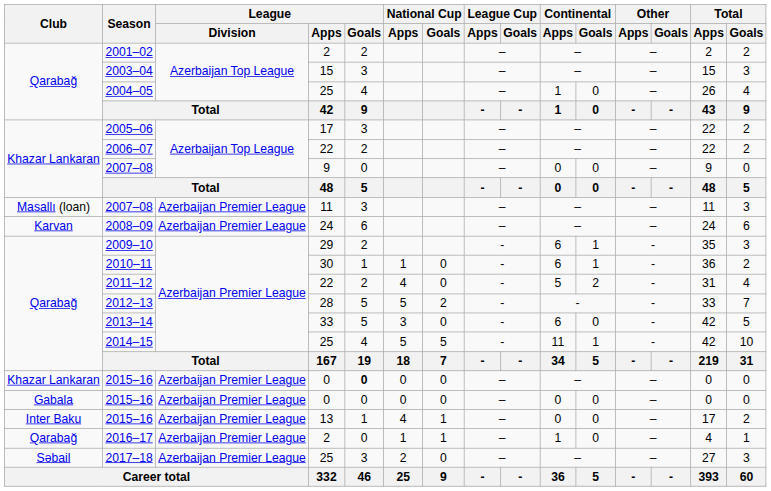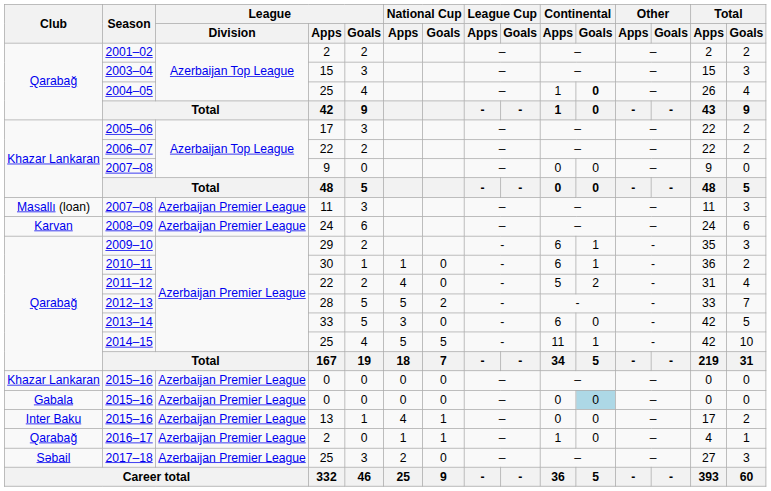 <table class="wikitable" style="text-align: center;">
 <tr>
 <th rowspan="2">Club</th>
 <th rowspan="2">Season</th>
 <th colspan="3">League</th>
 <th colspan="2">National Cup</th>
 <th colspan="2">League Cup</th>
 <th colspan="2">Continental</th>
 <th colspan="2">Other</th>
 <th colspan="2">Total</th>
 </tr>
 <tr>
 <th>Division</th>
 <th>Apps</th>
 <th>Goals</th>
 <th>Apps</th>
 <th>Goals</th>
 <th>Apps</th>
 <th>Goals</th>
 <th>Apps</th>
 <th>Goals</th>
 <th>Apps</th>
 <th>Goals</th>
 <th>Apps</th>
 <th>Goals</th>
 </tr>
 <tr>
 <td rowspan="4" valign="center"><a href='#'>Qarabağ</a></td>
 <td><a href='#'>2001–02</a></td>
 <td rowspan="3" valign="center"><a href='#'>Azerbaijan Top League</a></td>
 <td>2</td>
 <td>2</td>
 <td></td>
 <td></td>
 <td colspan="2">–</td>
 <td colspan="2">–</td>
 <td colspan="2">–</td>
 <td>2</td>
 <td>2</td>
 </tr>
 <tr>
 <td><a href='#'>2003–04</a></td>
 <td>15</td>
 <td>3</td>
 <td></td>
 <td></td>
 <td colspan="2">–</td>
 <td colspan="2">–</td>
 <td colspan="2">–</td>
 <td>15</td>
 <td>3</td>
 </tr>
 <tr>
 <td><a href='#'>2004–05</a></td>
 <td>25</td>
 <td>4</td>
 <td></td>
 <td></td>
 <td colspan="2">–</td>
 <td>1</td>
-<td>0</td>
+<td><strong>0</strong></td>
 <td colspan="2">–</td>
 <td>26</td>
 <td>4</td>
 </tr>
 <tr>
 <th colspan="2">Total</th>
 <th>42</th>
 <th>9</th>
 <th></th>
 <th></th>
 <th>-</th>
 <th>-</th>
 <th>1</th>
 <th>0</th>
 <th>-</th>
 <th>-</th>
 <th>43</th>
 <th>9</th>
 </tr>
 <tr>
 <td rowspan="4" valign="center"><a href='#'>Khazar Lankaran</a></td>
 <td><a href='#'>2005–06</a></td>
 <td rowspan="3" valign="center"><a href='#'>Azerbaijan Top League</a></td>
 <td>17</td>
 <td>3</td>
 <td></td>
 <td></td>
 <td colspan="2">–</td>
 <td colspan="2">–</td>
 <td colspan="2">–</td>
 <td>22</td>
 <td>2</td>
 </tr>
 <tr>
 <td><a href='#'>2006–07</a></td>
 <td>22</td>
 <td>2</td>
 <td></td>
 <td></td>
 <td colspan="2">–</td>
 <td colspan="2">–</td>
 <td colspan="2">–</td>
 <td>22</td>
 <td>2</td>
 </tr>
 <tr>
 <td><a href='#'>2007–08</a></td>
 <td>9</td>
 <td>0</td>
 <td></td>
 <td></td>
 <td colspan="2">–</td>
 <td>0</td>
 <td>0</td>
 <td colspan="2">–</td>
 <td>9</td>
 <td>0</td>
 </tr>
 <tr>
 <th colspan="2">Total</th>
 <th>48</th>
 <th>5</th>
 <th></th>
 <th></th>
 <th>-</th>
 <th>-</th>
 <th>0</th>
 <th>0</th>
 <th>-</th>
 <th>-</th>
 <th>48</th>
 <th>5</th>
 </tr>
 <tr>
 <td valign="center"><a href='#'>Masallı</a> (loan)</td>
 <td><a href='#'>2007–08</a></td>
 <td><a href='#'>Azerbaijan Premier League</a></td>
 <td>11</td>
 <td>3</td>
 <td></td>
 <td></td>
 <td colspan="2">–</td>
 <td colspan="2">–</td>
 <td colspan="2">–</td>
 <td>11</td>
 <td>3</td>
 </tr>
 <tr>
 <td valign="center"><a href='#'>Karvan</a></td>
 <td><a href='#'>2008–09</a></td>
 <td><a href='#'>Azerbaijan Premier League</a></td>
 <td>24</td>
 <td>6</td>
 <td></td>
 <td></td>
 <td colspan="2">–</td>
 <td colspan="2">–</td>
 <td colspan="2">–</td>
 <td>24</td>
 <td>6</td>
 </tr>
 <tr>
 <td rowspan="7" valign="center"><a href='#'>Qarabağ</a></td>
 <td><a href='#'>2009–10</a></td>
 <td rowspan="6" valign="center"><a href='#'>Azerbaijan Premier League</a></td>
 <td>29</td>
 <td>2</td>
 <td></td>
 <td></td>
 <td colspan="2">-</td>
 <td>6</td>
 <td>1</td>
 <td colspan="2">-</td>
 <td>35</td>
 <td>3</td>
 </tr>
 <tr>
 <td><a href='#'>2010–11</a></td>
 <td>30</td>
 <td>1</td>
 <td>1</td>
 <td>0</td>
 <td colspan="2">-</td>
 <td>6</td>
 <td>1</td>
 <td colspan="2">-</td>
 <td>36</td>
 <td>2</td>
 </tr>
 <tr>
 <td><a href='#'>2011–12</a></td>
 <td>22</td>
 <td>2</td>
 <td>4</td>
 <td>0</td>
 <td colspan="2">-</td>
 <td>5</td>
 <td>2</td>
 <td colspan="2">-</td>
 <td>31</td>
 <td>4</td>
 </tr>
 <tr>
 <td><a href='#'>2012–13</a></td>
 <td>28</td>
 <td>5</td>
 <td>5</td>
 <td>2</td>
 <td colspan="2">-</td>
 <td colspan="2">-</td>
 <td colspan="2">-</td>
 <td>33</td>
 <td>7</td>
 </tr>
 <tr>
 <td><a href='#'>2013–14</a></td>
 <td>33</td>
 <td>5</td>
 <td>3</td>
 <td>0</td>
 <td colspan="2">-</td>
 <td>6</td>
 <td>0</td>
 <td colspan="2">-</td>
 <td>42</td>
 <td>5</td>
 </tr>
 <tr>
 <td><a href='#'>2014–15</a></td>
 <td>25</td>
 <td>4</td>
 <td>5</td>
 <td>5</td>
 <td colspan="2">-</td>
 <td>11</td>
 <td>1</td>
 <td colspan="2">-</td>
 <td>42</td>
 <td>10</td>
 </tr>
 <tr>
 <th colspan="2">Total</th>
 <th>167</th>
 <th>19</th>
 <th>18</th>
 <th>7</th>
 <th>-</th>
 <th>-</th>
 <th>34</th>
 <th>5</th>
 <th>-</th>
 <th>-</th>
 <th>219</th>
 <th>31</th>
 </tr>
 <tr>
 <td valign="center"><a href='#'>Khazar Lankaran</a></td>
 <td><a href='#'>2015–16</a></td>
 <td><a href='#'>Azerbaijan Premier League</a></td>
 <td>0</td>
-<td><strong>0</strong></td>
+<td>0</td>
 <td>0</td>
 <td>0</td>
 <td colspan="2">–</td>
 <td colspan="2">–</td>
 <td colspan="2">–</td>
 <td>0</td>
 <td>0</td>
 </tr>
 <tr>
 <td valign="center"><a href='#'>Gabala</a></td>
 <td><a href='#'>2015–16</a></td>
 <td><a href='#'>Azerbaijan Premier League</a></td>
 <td>0</td>
 <td>0</td>
 <td>0</td>
 <td>0</td>
 <td colspan="2">–</td>
 <td>0</td>
-<td>0</td>
+<td style="background: lightblue;">0</td>
 <td colspan="2">–</td>
 <td>0</td>
 <td>0</td>
 </tr>
 <tr>
 <td valign="center"><a href='#'>Inter Baku</a></td>
 <td><a href='#'>2015–16</a></td>
 <td><a href='#'>Azerbaijan Premier League</a></td>
 <td>13</td>
 <td>1</td>
 <td>4</td>
 <td>1</td>
 <td colspan="2">–</td>
 <td>0</td>
 <td>0</td>
 <td colspan="2">–</td>
 <td>17</td>
 <td>2</td>
 </tr>
 <tr>
 <td valign="center"><a href='#'>Qarabağ</a></td>
 <td><a href='#'>2016–17</a></td>
 <td><a href='#'>Azerbaijan Premier League</a></td>
 <td>2</td>
 <td>0</td>
 <td>1</td>
 <td>1</td>
 <td colspan="2">–</td>
 <td>1</td>
 <td>0</td>
 <td colspan="2">–</td>
 <td>4</td>
 <td>1</td>
 </tr>
 <tr>
 <td valign="center"><a href='#'>Səbail</a></td>
 <td><a href='#'>2017–18</a></td>
 <td><a href='#'>Azerbaijan Premier League</a></td>
 <td>25</td>
 <td>3</td>
 <td>2</td>
 <td>0</td>
 <td colspan="2">–</td>
 <td colspan="2">–</td>
 <td colspan="2">–</td>
 <td>27</td>
 <td>3</td>
 </tr>
 <tr>
 <th colspan="3">Career total</th>
 <th>332</th>
 <th>46</th>
 <th>25</th>
 <th>9</th>
 <th>-</th>
 <th>-</th>
 <th>36</th>
 <th>5</th>
 <th>-</th>
 <th>-</th>
 <th>393</th>
 <th>60</th>
 </tr>
 </table>
